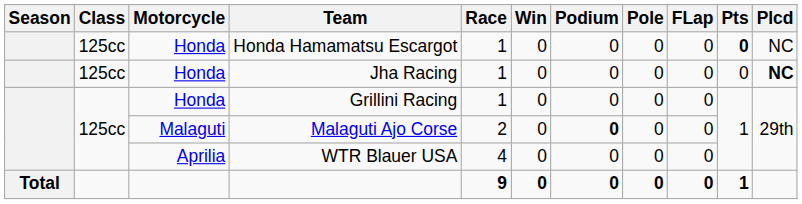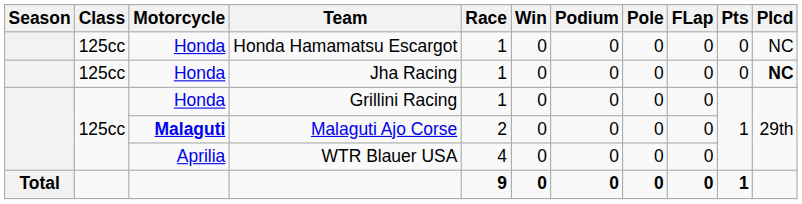 <table class="wikitable" style=text-align:right>
 <tr>
 <th>Season</th>
 <th>Class</th>
 <th>Motorcycle</th>
 <th>Team</th>
 <th>Race</th>
 <th>Win</th>
 <th>Podium</th>
 <th>Pole</th>
 <th>FLap</th>
 <th>Pts</th>
 <th>Plcd</th>
 </tr>
 <tr>
 <th></th>
 <td>125cc</td>
 <td><a href='#'>Honda</a></td>
 <td>Honda Hamamatsu Escargot</td>
 <td>1</td>
 <td>0</td>
 <td>0</td>
 <td>0</td>
 <td>0</td>
-<td><strong>0</strong></td>
+<td>0</td>
 <td>NC</td>
 </tr>
 <tr>
 <th></th>
 <td>125cc</td>
 <td><a href='#'>Honda</a></td>
 <td>Jha Racing</td>
 <td>1</td>
 <td>0</td>
 <td>0</td>
 <td>0</td>
 <td>0</td>
 <td>0</td>
 <td><strong>NC</strong></td>
 </tr>
 <tr>
 <th rowspan=3></th>
 <td rowspan=3>125cc</td>
 <td><a href='#'>Honda</a></td>
 <td>Grillini Racing</td>
 <td>1</td>
 <td>0</td>
 <td>0</td>
 <td>0</td>
 <td>0</td>
 <td rowspan=3>1</td>
 <td rowspan=3>29th</td>
 </tr>
 <tr>
-<td><a href='#'>Malaguti</a></td>
+<td><strong><a href='#'>Malaguti</a></strong></td>
 <td><a href='#'>Malaguti Ajo Corse</a></td>
 <td>2</td>
 <td>0</td>
-<td><strong>0</strong></td>
+<td>0</td>
 <td>0</td>
 <td>0</td>
 </tr>
 <tr>
 <td><a href='#'>Aprilia</a></td>
 <td>WTR Blauer USA</td>
 <td>4</td>
 <td>0</td>
 <td>0</td>
 <td>0</td>
 <td>0</td>
 </tr>
 <tr>
 <th>Total</th>
 <td></td>
 <td></td>
 <td></td>
 <td><strong>9</strong></td>
 <td><strong>0</strong></td>
 <td><strong>0</strong></td>
 <td><strong>0</strong></td>
 <td><strong>0</strong></td>
 <td><strong>1</strong></td>
 <td></td>
 </tr>
 </table>
